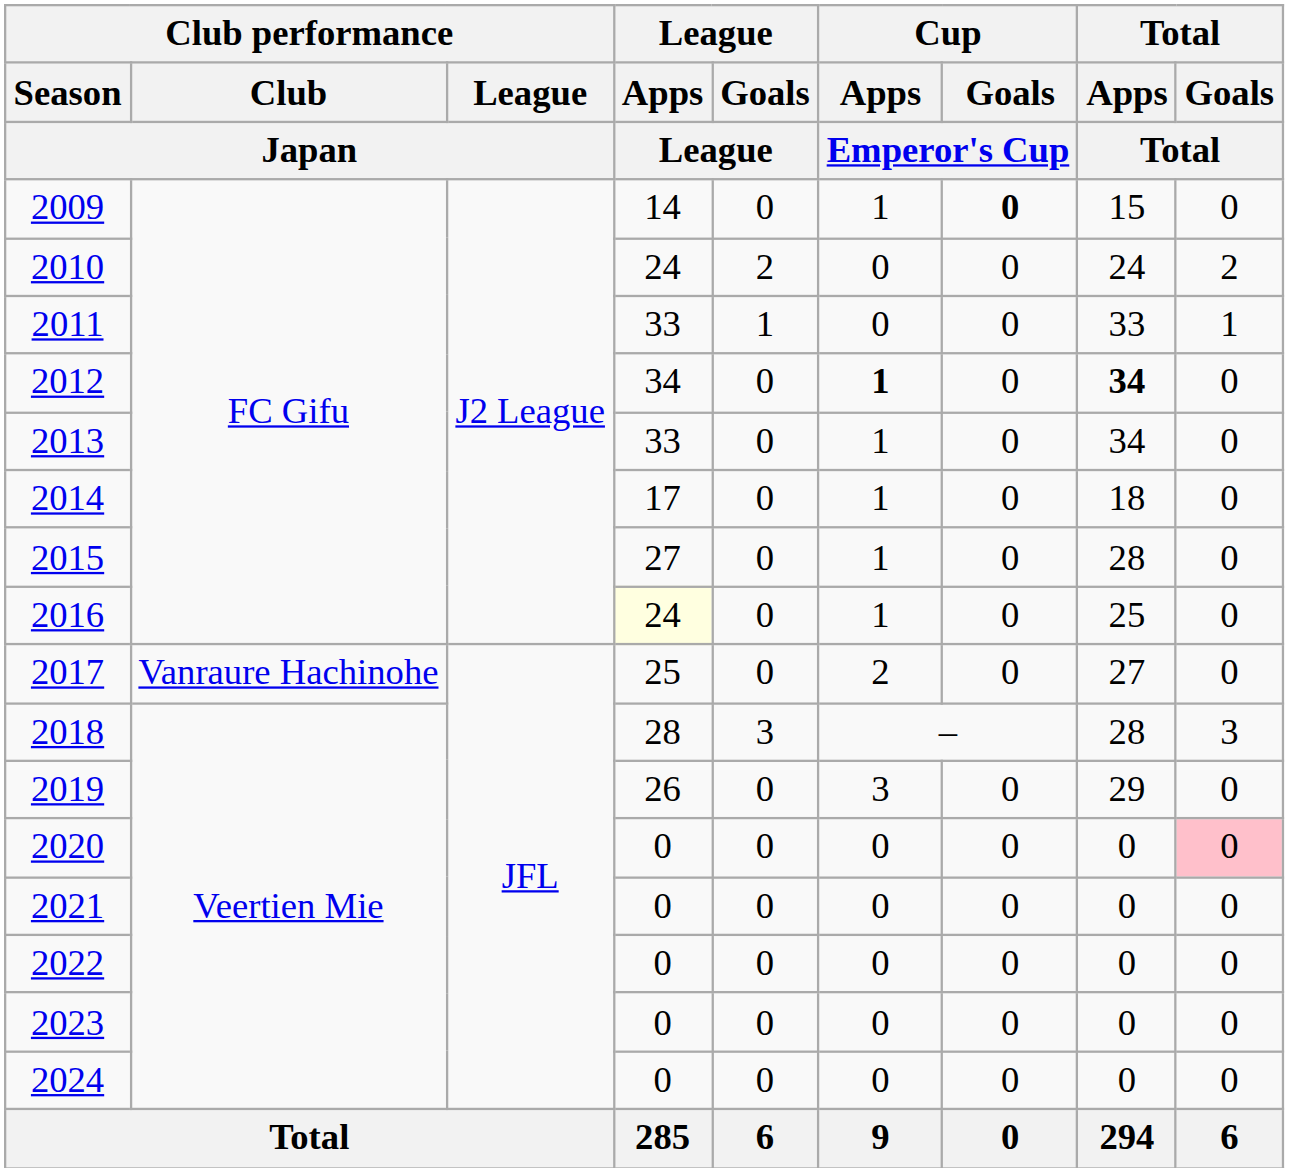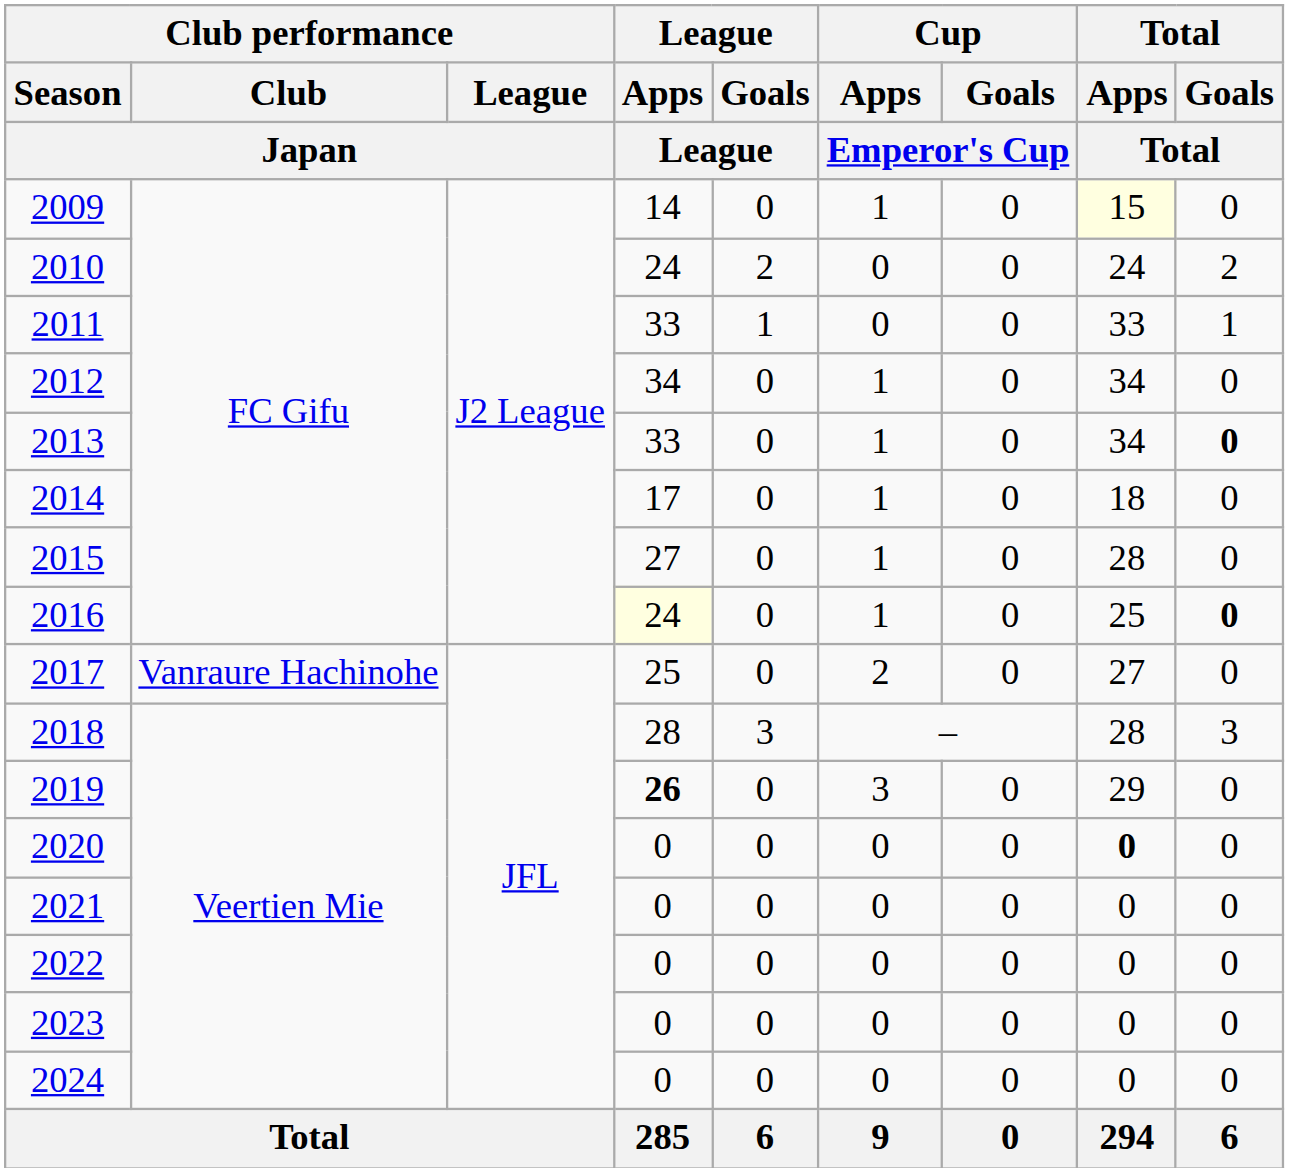 <table class="wikitable" style="text-align:center;">
 <tr>
 <th colspan=3>Club performance</th>
 <th colspan=2>League</th>
 <th colspan=2>Cup</th>
 <th colspan=2>Total</th>
 </tr>
 <tr>
 <th>Season</th>
 <th>Club</th>
 <th>League</th>
 <th>Apps</th>
 <th>Goals</th>
 <th>Apps</th>
 <th>Goals</th>
 <th>Apps</th>
 <th>Goals</th>
 </tr>
 <tr>
 <th colspan=3>Japan</th>
 <th colspan=2>League</th>
 <th colspan=2><a href='#'>Emperor's Cup</a></th>
 <th colspan=2>Total</th>
 </tr>
 <tr>
 <td><a href='#'>2009</a></td>
 <td rowspan="8"><a href='#'>FC Gifu</a></td>
 <td rowspan="8"><a href='#'>J2 League</a></td>
 <td>14</td>
 <td>0</td>
 <td>1</td>
-<td><strong>0</strong></td>
-<td>15</td>
+<td>0</td>
+<td style="background: lightyellow;">15</td>
 <td>0</td>
 </tr>
 <tr>
 <td><a href='#'>2010</a></td>
 <td>24</td>
 <td>2</td>
 <td>0</td>
 <td>0</td>
 <td>24</td>
 <td>2</td>
 </tr>
 <tr>
 <td><a href='#'>2011</a></td>
 <td>33</td>
 <td>1</td>
 <td>0</td>
 <td>0</td>
 <td>33</td>
 <td>1</td>
 </tr>
 <tr>
 <td><a href='#'>2012</a></td>
 <td>34</td>
 <td>0</td>
-<td><strong>1</strong></td>
+<td>1</td>
 <td>0</td>
-<td><strong>34</strong></td>
+<td>34</td>
 <td>0</td>
 </tr>
 <tr>
 <td><a href='#'>2013</a></td>
 <td>33</td>
 <td>0</td>
 <td>1</td>
 <td>0</td>
 <td>34</td>
-<td>0</td>
+<td><strong>0</strong></td>
 </tr>
 <tr>
 <td><a href='#'>2014</a></td>
 <td>17</td>
 <td>0</td>
 <td>1</td>
 <td>0</td>
 <td>18</td>
 <td>0</td>
 </tr>
 <tr>
 <td><a href='#'>2015</a></td>
 <td>27</td>
 <td>0</td>
 <td>1</td>
 <td>0</td>
 <td>28</td>
 <td>0</td>
 </tr>
 <tr>
 <td><a href='#'>2016</a></td>
 <td style="background: lightyellow;">24</td>
 <td>0</td>
 <td>1</td>
 <td>0</td>
 <td>25</td>
-<td>0</td>
+<td><strong>0</strong></td>
 </tr>
 <tr>
 <td><a href='#'>2017</a></td>
 <td><a href='#'>Vanraure Hachinohe</a></td>
 <td rowspan="8"><a href='#'>JFL</a></td>
 <td>25</td>
 <td>0</td>
 <td>2</td>
 <td>0</td>
 <td>27</td>
 <td>0</td>
 </tr>
 <tr>
 <td><a href='#'>2018</a></td>
 <td rowspan="7"><a href='#'>Veertien Mie</a></td>
 <td>28</td>
 <td>3</td>
 <td colspan="2">–</td>
 <td>28</td>
 <td>3</td>
 </tr>
 <tr>
 <td><a href='#'>2019</a></td>
-<td>26</td>
+<td><strong>26</strong></td>
 <td>0</td>
 <td>3</td>
 <td>0</td>
 <td>29</td>
 <td>0</td>
 </tr>
 <tr>
 <td><a href='#'>2020</a></td>
 <td>0</td>
 <td>0</td>
 <td>0</td>
 <td>0</td>
+<td><strong>0</strong></td>
 <td>0</td>
-<td style="background: pink;">0</td>
 </tr>
 <tr>
 <td><a href='#'>2021</a></td>
 <td>0</td>
 <td>0</td>
 <td>0</td>
 <td>0</td>
 <td>0</td>
 <td>0</td>
 </tr>
 <tr>
 <td><a href='#'>2022</a></td>
 <td>0</td>
 <td>0</td>
 <td>0</td>
 <td>0</td>
 <td>0</td>
 <td>0</td>
 </tr>
 <tr>
 <td><a href='#'>2023</a></td>
 <td>0</td>
 <td>0</td>
 <td>0</td>
 <td>0</td>
 <td>0</td>
 <td>0</td>
 </tr>
 <tr>
 <td><a href='#'>2024</a></td>
 <td>0</td>
 <td>0</td>
 <td>0</td>
 <td>0</td>
 <td>0</td>
 <td>0</td>
 </tr>
 <tr>
 <th colspan=3>Total</th>
 <th>285</th>
 <th>6</th>
 <th>9</th>
 <th>0</th>
 <th>294</th>
 <th>6</th>
 </tr>
 </table>
